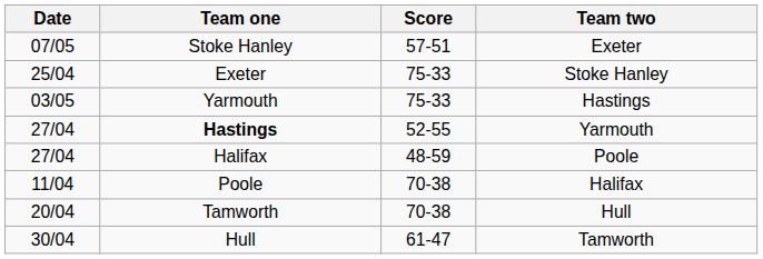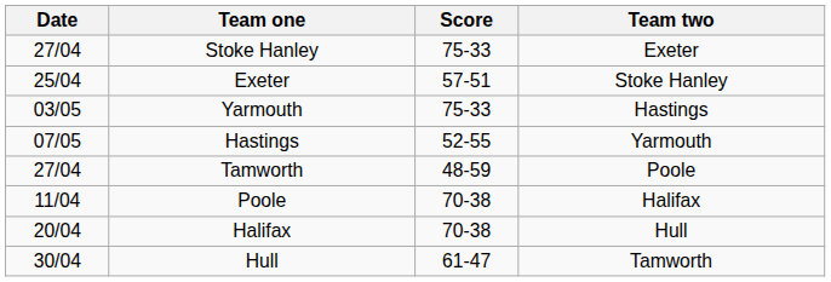 <table class="wikitable" style="text-align: center">
 <tr>
 <th width=80>Date</th>
 <th width=250>Team one</th>
 <th width=80>Score</th>
 <th width=250>Team two</th>
 </tr>
 <tr>
-<td>07/05</td>
+<td>27/04</td>
 <td>Stoke Hanley</td>
-<td>57-51</td>
+<td>75-33</td>
 <td>Exeter</td>
 </tr>
 <tr>
 <td>25/04</td>
 <td>Exeter</td>
-<td>75-33</td>
+<td>57-51</td>
 <td>Stoke Hanley</td>
 </tr>
 <tr>
 <td>03/05</td>
 <td>Yarmouth</td>
 <td>75-33</td>
 <td>Hastings</td>
 </tr>
 <tr>
-<td>27/04</td>
-<td><strong>Hastings</strong></td>
+<td>07/05</td>
+<td>Hastings</td>
 <td>52-55</td>
 <td>Yarmouth</td>
 </tr>
 <tr>
 <td>27/04</td>
-<td>Halifax</td>
+<td>Tamworth</td>
 <td>48-59</td>
 <td>Poole</td>
 </tr>
 <tr>
 <td>11/04</td>
 <td>Poole</td>
 <td>70-38</td>
 <td>Halifax</td>
 </tr>
 <tr>
 <td>20/04</td>
-<td>Tamworth</td>
+<td>Halifax</td>
 <td>70-38</td>
 <td>Hull</td>
 </tr>
 <tr>
 <td>30/04</td>
 <td>Hull</td>
 <td>61-47</td>
 <td>Tamworth</td>
 </tr>
 </table>
